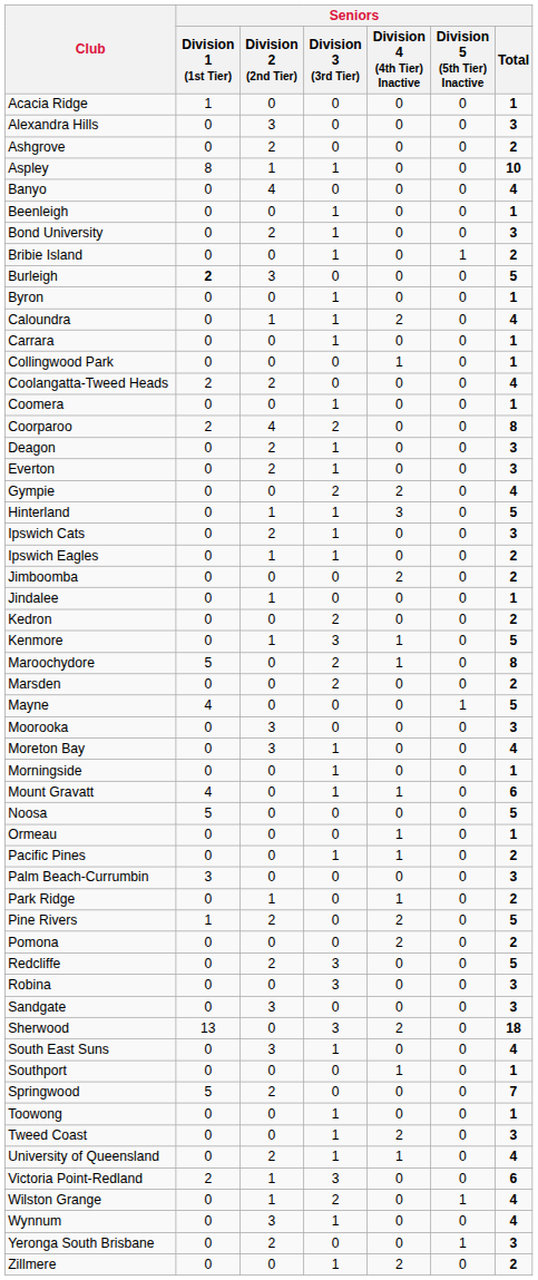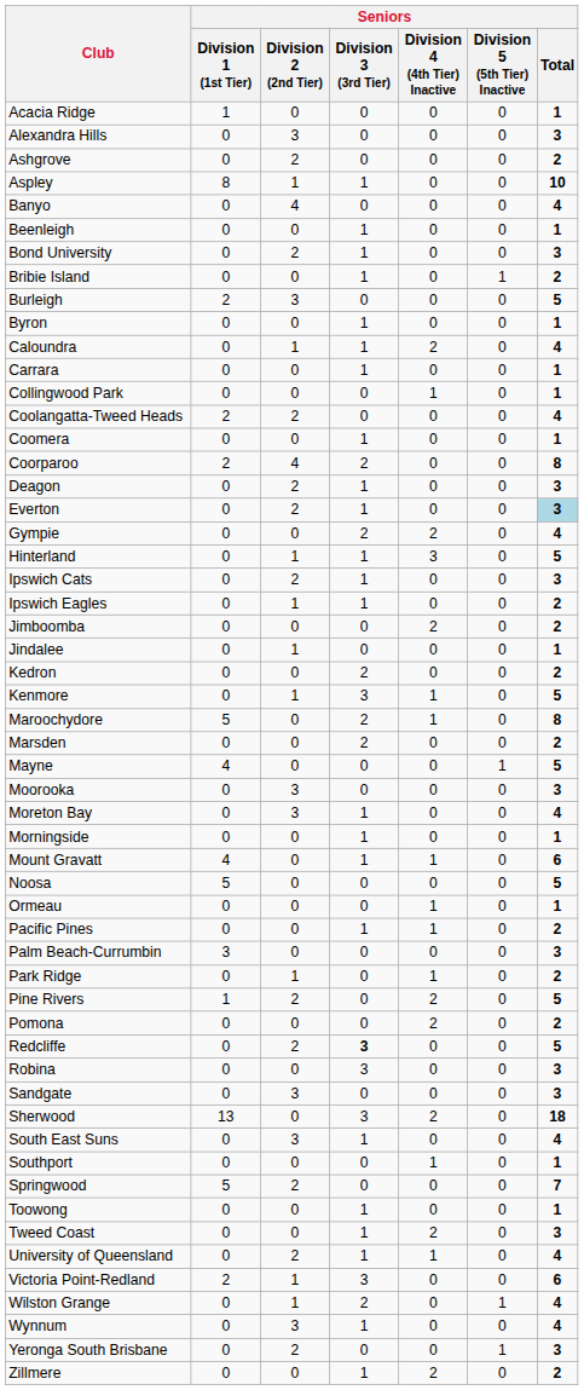 <table class="wikitable sortable" style="width:100%;">
 <tr>
 <th rowspan=2; style="color:crimson; width:195px;">Club</th>
 <th style="color:crimson" colspan="8">Seniors</th>
 </tr>
 <tr>
 <th>Division 1 <br> <small> (1st Tier) </small></th>
 <th>Division 2 <br> <small> (2nd Tier) </small></th>
 <th>Division 3 <br> <small> (3rd Tier) </small></th>
 <th>Division 4 <br> <small> (4th Tier) <br> Inactive </small></th>
 <th>Division 5 <br> <small> (5th Tier) <br> Inactive </small></th>
 <th>Total</th>
 </tr>
 <tr>
 <td>Acacia Ridge</td>
 <td style="text-align:center;">1</td>
 <td style="text-align:center;">0</td>
 <td style="text-align:center;">0</td>
 <td style="text-align:center;">0</td>
 <td style="text-align:center;">0</td>
 <td style="text-align:center;"><strong>1</strong></td>
 </tr>
 <tr>
 <td>Alexandra Hills</td>
 <td style="text-align:center;">0</td>
 <td style="text-align:center;">3</td>
 <td style="text-align:center;">0</td>
 <td style="text-align:center;">0</td>
 <td style="text-align:center;">0</td>
 <td style="text-align:center;"><strong>3</strong></td>
 </tr>
 <tr>
 <td>Ashgrove</td>
 <td style="text-align:center;">0</td>
 <td style="text-align:center;">2</td>
 <td style="text-align:center;">0</td>
 <td style="text-align:center;">0</td>
 <td style="text-align:center;">0</td>
 <td style="text-align:center;"><strong>2</strong></td>
 </tr>
 <tr>
 <td>Aspley</td>
 <td style="text-align:center;">8</td>
 <td style="text-align:center;">1</td>
 <td style="text-align:center;">1</td>
 <td style="text-align:center;">0</td>
 <td style="text-align:center;">0</td>
 <td style="text-align:center;"><strong>10</strong></td>
 </tr>
 <tr>
 <td>Banyo</td>
 <td style="text-align:center;">0</td>
 <td style="text-align:center;">4</td>
 <td style="text-align:center;">0</td>
 <td style="text-align:center;">0</td>
 <td style="text-align:center;">0</td>
 <td style="text-align:center;"><strong>4</strong></td>
 </tr>
 <tr>
 <td>Beenleigh</td>
 <td style="text-align:center;">0</td>
 <td style="text-align:center;">0</td>
 <td style="text-align:center;">1</td>
 <td style="text-align:center;">0</td>
 <td style="text-align:center;">0</td>
 <td style="text-align:center;"><strong>1</strong></td>
 </tr>
 <tr>
 <td>Bond University</td>
 <td style="text-align:center;">0</td>
 <td style="text-align:center;">2</td>
 <td style="text-align:center;">1</td>
 <td style="text-align:center;">0</td>
 <td style="text-align:center;">0</td>
 <td style="text-align:center;"><strong>3</strong></td>
 </tr>
 <tr>
 <td>Bribie Island</td>
 <td style="text-align:center;">0</td>
 <td style="text-align:center;">0</td>
 <td style="text-align:center;">1</td>
 <td style="text-align:center;">0</td>
 <td style="text-align:center;">1</td>
 <td style="text-align:center;"><strong>2</strong></td>
 </tr>
 <tr>
 <td>Burleigh</td>
-<td style="text-align:center;"><strong>2</strong></td>
+<td style="text-align:center;">2</td>
 <td style="text-align:center;">3</td>
 <td style="text-align:center;">0</td>
 <td style="text-align:center;">0</td>
 <td style="text-align:center;">0</td>
 <td style="text-align:center;"><strong>5</strong></td>
 </tr>
 <tr>
 <td>Byron</td>
 <td style="text-align:center;">0</td>
 <td style="text-align:center;">0</td>
 <td style="text-align:center;">1</td>
 <td style="text-align:center;">0</td>
 <td style="text-align:center;">0</td>
 <td style="text-align:center;"><strong>1</strong></td>
 </tr>
 <tr>
 <td>Caloundra</td>
 <td style="text-align:center;">0</td>
 <td style="text-align:center;">1</td>
 <td style="text-align:center;">1</td>
 <td style="text-align:center;">2</td>
 <td style="text-align:center;">0</td>
 <td style="text-align:center;"><strong>4</strong></td>
 </tr>
 <tr>
 <td>Carrara</td>
 <td style="text-align:center;">0</td>
 <td style="text-align:center;">0</td>
 <td style="text-align:center;">1</td>
 <td style="text-align:center;">0</td>
 <td style="text-align:center;">0</td>
 <td style="text-align:center;"><strong>1</strong></td>
 </tr>
 <tr>
 <td>Collingwood Park</td>
 <td style="text-align:center;">0</td>
 <td style="text-align:center;">0</td>
 <td style="text-align:center;">0</td>
 <td style="text-align:center;">1</td>
 <td style="text-align:center;">0</td>
 <td style="text-align:center;"><strong>1</strong></td>
 </tr>
 <tr>
 <td>Coolangatta-Tweed Heads</td>
 <td style="text-align:center;">2</td>
 <td style="text-align:center;">2</td>
 <td style="text-align:center;">0</td>
 <td style="text-align:center;">0</td>
 <td style="text-align:center;">0</td>
 <td style="text-align:center;"><strong>4</strong></td>
 </tr>
 <tr>
 <td>Coomera</td>
 <td style="text-align:center;">0</td>
 <td style="text-align:center;">0</td>
 <td style="text-align:center;">1</td>
 <td style="text-align:center;">0</td>
 <td style="text-align:center;">0</td>
 <td style="text-align:center;"><strong>1</strong></td>
 </tr>
 <tr>
 <td>Coorparoo</td>
 <td style="text-align:center;">2</td>
 <td style="text-align:center;">4</td>
 <td style="text-align:center;">2</td>
 <td style="text-align:center;">0</td>
 <td style="text-align:center;">0</td>
 <td style="text-align:center;"><strong>8</strong></td>
 </tr>
 <tr>
 <td>Deagon</td>
 <td style="text-align:center;">0</td>
 <td style="text-align:center;">2</td>
 <td style="text-align:center;">1</td>
 <td style="text-align:center;">0</td>
 <td style="text-align:center;">0</td>
 <td style="text-align:center;"><strong>3</strong></td>
 </tr>
 <tr>
 <td>Everton</td>
 <td style="text-align:center;">0</td>
 <td style="text-align:center;">2</td>
 <td style="text-align:center;">1</td>
 <td style="text-align:center;">0</td>
 <td style="text-align:center;">0</td>
-<td style="text-align:center;"><strong>3</strong></td>
+<td style="background: lightblue; text-align:center;"><strong>3</strong></td>
 </tr>
 <tr>
 <td>Gympie</td>
 <td style="text-align:center;">0</td>
 <td style="text-align:center;">0</td>
 <td style="text-align:center;">2</td>
 <td style="text-align:center;">2</td>
 <td style="text-align:center;">0</td>
 <td style="text-align:center;"><strong>4</strong></td>
 </tr>
 <tr>
 <td>Hinterland</td>
 <td style="text-align:center;">0</td>
 <td style="text-align:center;">1</td>
 <td style="text-align:center;">1</td>
 <td style="text-align:center;">3</td>
 <td style="text-align:center;">0</td>
 <td style="text-align:center;"><strong>5</strong></td>
 </tr>
 <tr>
 <td>Ipswich Cats</td>
 <td style="text-align:center;">0</td>
 <td style="text-align:center;">2</td>
 <td style="text-align:center;">1</td>
 <td style="text-align:center;">0</td>
 <td style="text-align:center;">0</td>
 <td style="text-align:center;"><strong>3</strong></td>
 </tr>
 <tr>
 <td>Ipswich Eagles</td>
 <td style="text-align:center;">0</td>
 <td style="text-align:center;">1</td>
 <td style="text-align:center;">1</td>
 <td style="text-align:center;">0</td>
 <td style="text-align:center;">0</td>
 <td style="text-align:center;"><strong>2</strong></td>
 </tr>
 <tr>
 <td>Jimboomba</td>
 <td style="text-align:center;">0</td>
 <td style="text-align:center;">0</td>
 <td style="text-align:center;">0</td>
 <td style="text-align:center;">2</td>
 <td style="text-align:center;">0</td>
 <td style="text-align:center;"><strong>2</strong></td>
 </tr>
 <tr>
 <td>Jindalee</td>
 <td style="text-align:center;">0</td>
 <td style="text-align:center;">1</td>
 <td style="text-align:center;">0</td>
 <td style="text-align:center;">0</td>
 <td style="text-align:center;">0</td>
 <td style="text-align:center;"><strong>1</strong></td>
 </tr>
 <tr>
 <td>Kedron</td>
 <td style="text-align:center;">0</td>
 <td style="text-align:center;">0</td>
 <td style="text-align:center;">2</td>
 <td style="text-align:center;">0</td>
 <td style="text-align:center;">0</td>
 <td style="text-align:center;"><strong>2</strong></td>
 </tr>
 <tr>
 <td>Kenmore</td>
 <td style="text-align:center;">0</td>
 <td style="text-align:center;">1</td>
 <td style="text-align:center;">3</td>
 <td style="text-align:center;">1</td>
 <td style="text-align:center;">0</td>
 <td style="text-align:center;"><strong>5</strong></td>
 </tr>
 <tr>
 <td>Maroochydore</td>
 <td style="text-align:center;">5</td>
 <td style="text-align:center;">0</td>
 <td style="text-align:center;">2</td>
 <td style="text-align:center;">1</td>
 <td style="text-align:center;">0</td>
 <td style="text-align:center;"><strong>8</strong></td>
 </tr>
 <tr>
 <td>Marsden</td>
 <td style="text-align:center;">0</td>
 <td style="text-align:center;">0</td>
 <td style="text-align:center;">2</td>
 <td style="text-align:center;">0</td>
 <td style="text-align:center;">0</td>
 <td style="text-align:center;"><strong>2</strong></td>
 </tr>
 <tr>
 <td>Mayne</td>
 <td style="text-align:center;">4</td>
 <td style="text-align:center;">0</td>
 <td style="text-align:center;">0</td>
 <td style="text-align:center;">0</td>
 <td style="text-align:center;">1</td>
 <td style="text-align:center;"><strong>5</strong></td>
 </tr>
 <tr>
 <td>Moorooka</td>
 <td style="text-align:center;">0</td>
 <td style="text-align:center;">3</td>
 <td style="text-align:center;">0</td>
 <td style="text-align:center;">0</td>
 <td style="text-align:center;">0</td>
 <td style="text-align:center;"><strong>3</strong></td>
 </tr>
 <tr>
 <td>Moreton Bay</td>
 <td style="text-align:center;">0</td>
 <td style="text-align:center;">3</td>
 <td style="text-align:center;">1</td>
 <td style="text-align:center;">0</td>
 <td style="text-align:center;">0</td>
 <td style="text-align:center;"><strong>4</strong></td>
 </tr>
 <tr>
 <td>Morningside</td>
 <td style="text-align:center;">0</td>
 <td style="text-align:center;">0</td>
 <td style="text-align:center;">1</td>
 <td style="text-align:center;">0</td>
 <td style="text-align:center;">0</td>
 <td style="text-align:center;"><strong>1</strong></td>
 </tr>
 <tr>
 <td>Mount Gravatt</td>
 <td style="text-align:center;">4</td>
 <td style="text-align:center;">0</td>
 <td style="text-align:center;">1</td>
 <td style="text-align:center;">1</td>
 <td style="text-align:center;">0</td>
 <td style="text-align:center;"><strong>6</strong></td>
 </tr>
 <tr>
 <td>Noosa</td>
 <td style="text-align:center;">5</td>
 <td style="text-align:center;">0</td>
 <td style="text-align:center;">0</td>
 <td style="text-align:center;">0</td>
 <td style="text-align:center;">0</td>
 <td style="text-align:center;"><strong>5</strong></td>
 </tr>
 <tr>
 <td>Ormeau</td>
 <td style="text-align:center;">0</td>
 <td style="text-align:center;">0</td>
 <td style="text-align:center;">0</td>
 <td style="text-align:center;">1</td>
 <td style="text-align:center;">0</td>
 <td style="text-align:center;"><strong>1</strong></td>
 </tr>
 <tr>
 <td>Pacific Pines</td>
 <td style="text-align:center;">0</td>
 <td style="text-align:center;">0</td>
 <td style="text-align:center;">1</td>
 <td style="text-align:center;">1</td>
 <td style="text-align:center;">0</td>
 <td style="text-align:center;"><strong>2</strong></td>
 </tr>
 <tr>
 <td>Palm Beach-Currumbin</td>
 <td style="text-align:center;">3</td>
 <td style="text-align:center;">0</td>
 <td style="text-align:center;">0</td>
 <td style="text-align:center;">0</td>
 <td style="text-align:center;">0</td>
 <td style="text-align:center;"><strong>3</strong></td>
 </tr>
 <tr>
 <td>Park Ridge</td>
 <td style="text-align:center;">0</td>
 <td style="text-align:center;">1</td>
 <td style="text-align:center;">0</td>
 <td style="text-align:center;">1</td>
 <td style="text-align:center;">0</td>
 <td style="text-align:center;"><strong>2</strong></td>
 </tr>
 <tr>
 <td>Pine Rivers</td>
 <td style="text-align:center;">1</td>
 <td style="text-align:center;">2</td>
 <td style="text-align:center;">0</td>
 <td style="text-align:center;">2</td>
 <td style="text-align:center;">0</td>
 <td style="text-align:center;"><strong>5</strong></td>
 </tr>
 <tr>
 <td>Pomona</td>
 <td style="text-align:center;">0</td>
 <td style="text-align:center;">0</td>
 <td style="text-align:center;">0</td>
 <td style="text-align:center;">2</td>
 <td style="text-align:center;">0</td>
 <td style="text-align:center;"><strong>2</strong></td>
 </tr>
 <tr>
 <td>Redcliffe</td>
 <td style="text-align:center;">0</td>
 <td style="text-align:center;">2</td>
-<td style="text-align:center;">3</td>
+<td style="text-align:center;"><strong>3</strong></td>
 <td style="text-align:center;">0</td>
 <td style="text-align:center;">0</td>
 <td style="text-align:center;"><strong>5</strong></td>
 </tr>
 <tr>
 <td>Robina</td>
 <td style="text-align:center;">0</td>
 <td style="text-align:center;">0</td>
 <td style="text-align:center;">3</td>
 <td style="text-align:center;">0</td>
 <td style="text-align:center;">0</td>
 <td style="text-align:center;"><strong>3</strong></td>
 </tr>
 <tr>
 <td>Sandgate</td>
 <td style="text-align:center;">0</td>
 <td style="text-align:center;">3</td>
 <td style="text-align:center;">0</td>
 <td style="text-align:center;">0</td>
 <td style="text-align:center;">0</td>
 <td style="text-align:center;"><strong>3</strong></td>
 </tr>
 <tr>
 <td>Sherwood</td>
 <td style="text-align:center;">13</td>
 <td style="text-align:center;">0</td>
 <td style="text-align:center;">3</td>
 <td style="text-align:center;">2</td>
 <td style="text-align:center;">0</td>
 <td style="text-align:center;"><strong>18</strong></td>
 </tr>
 <tr>
 <td>South East Suns</td>
 <td style="text-align:center;">0</td>
 <td style="text-align:center;">3</td>
 <td style="text-align:center;">1</td>
 <td style="text-align:center;">0</td>
 <td style="text-align:center;">0</td>
 <td style="text-align:center;"><strong>4</strong></td>
 </tr>
 <tr>
 <td>Southport</td>
 <td style="text-align:center;">0</td>
 <td style="text-align:center;">0</td>
 <td style="text-align:center;">0</td>
 <td style="text-align:center;">1</td>
 <td style="text-align:center;">0</td>
 <td style="text-align:center;"><strong>1</strong></td>
 </tr>
 <tr>
 <td>Springwood</td>
 <td style="text-align:center;">5</td>
 <td style="text-align:center;">2</td>
 <td style="text-align:center;">0</td>
 <td style="text-align:center;">0</td>
 <td style="text-align:center;">0</td>
 <td style="text-align:center;"><strong>7</strong></td>
 </tr>
 <tr>
 <td>Toowong</td>
 <td style="text-align:center;">0</td>
 <td style="text-align:center;">0</td>
 <td style="text-align:center;">1</td>
 <td style="text-align:center;">0</td>
 <td style="text-align:center;">0</td>
 <td style="text-align:center;"><strong>1</strong></td>
 </tr>
 <tr>
 <td>Tweed Coast</td>
 <td style="text-align:center;">0</td>
 <td style="text-align:center;">0</td>
 <td style="text-align:center;">1</td>
 <td style="text-align:center;">2</td>
 <td style="text-align:center;">0</td>
 <td style="text-align:center;"><strong>3</strong></td>
 </tr>
 <tr>
 <td>University of Queensland</td>
 <td style="text-align:center;">0</td>
 <td style="text-align:center;">2</td>
 <td style="text-align:center;">1</td>
 <td style="text-align:center;">1</td>
 <td style="text-align:center;">0</td>
 <td style="text-align:center;"><strong>4</strong></td>
 </tr>
 <tr>
 <td>Victoria Point-Redland</td>
 <td style="text-align:center;">2</td>
 <td style="text-align:center;">1</td>
 <td style="text-align:center;">3</td>
 <td style="text-align:center;">0</td>
 <td style="text-align:center;">0</td>
 <td style="text-align:center;"><strong>6</strong></td>
 </tr>
 <tr>
 <td>Wilston Grange</td>
 <td style="text-align:center;">0</td>
 <td style="text-align:center;">1</td>
 <td style="text-align:center;">2</td>
 <td style="text-align:center;">0</td>
 <td style="text-align:center;">1</td>
 <td style="text-align:center;"><strong>4</strong></td>
 </tr>
 <tr>
 <td>Wynnum</td>
 <td style="text-align:center;">0</td>
 <td style="text-align:center;">3</td>
 <td style="text-align:center;">1</td>
 <td style="text-align:center;">0</td>
 <td style="text-align:center;">0</td>
 <td style="text-align:center;"><strong>4</strong></td>
 </tr>
 <tr>
 <td>Yeronga South Brisbane</td>
 <td style="text-align:center;">0</td>
 <td style="text-align:center;">2</td>
 <td style="text-align:center;">0</td>
 <td style="text-align:center;">0</td>
 <td style="text-align:center;">1</td>
 <td style="text-align:center;"><strong>3</strong></td>
 </tr>
 <tr>
 <td>Zillmere</td>
 <td style="text-align:center;">0</td>
 <td style="text-align:center;">0</td>
 <td style="text-align:center;">1</td>
 <td style="text-align:center;">2</td>
 <td style="text-align:center;">0</td>
 <td style="text-align:center;"><strong>2</strong></td>
 </tr>
 </table>
